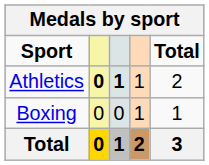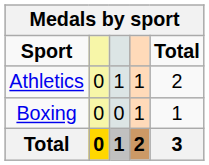 <table class="wikitable" style="font-size:85%; float:right;">
 <tr style="background:#efefef;">
 <th colspan=7><strong>Medals by sport</strong></th>
 </tr>
 <tr align=center>
 <td><strong>Sport</strong></td>
 <td style="background:#f7f6a8;"></td>
 <td style="background:#dce5e5;"></td>
 <td style="background:#ffdab9;"></td>
 <td><strong>Total</strong></td>
 </tr>
 <tr align=center>
 <td><a href='#'>Athletics</a></td>
-<td style="background:#f7f6a8;"><strong>0</strong></td>
-<td style="background:#dce5e5;"><strong>1</strong></td>
+<td style="background:#f7f6a8;">0</td>
+<td style="background:#dce5e5;">1</td>
 <td style="background:#ffdab9;">1</td>
 <td>2</td>
 </tr>
 <tr align=center>
 <td><a href='#'>Boxing</a></td>
 <td style="background:#f7f6a8;">0</td>
 <td style="background:#dce5e5;">0</td>
 <td style="background:#ffdab9;">1</td>
 <td>1</td>
 </tr>
 <tr align=center>
 <th><strong>Total</strong></th>
 <th style="background:gold;"><strong>0</strong></th>
 <th style="background:silver;"><strong>1</strong></th>
 <th style="background:#c96;"><strong>2</strong></th>
 <th><strong>3</strong></th>
 </tr>
 </table>
